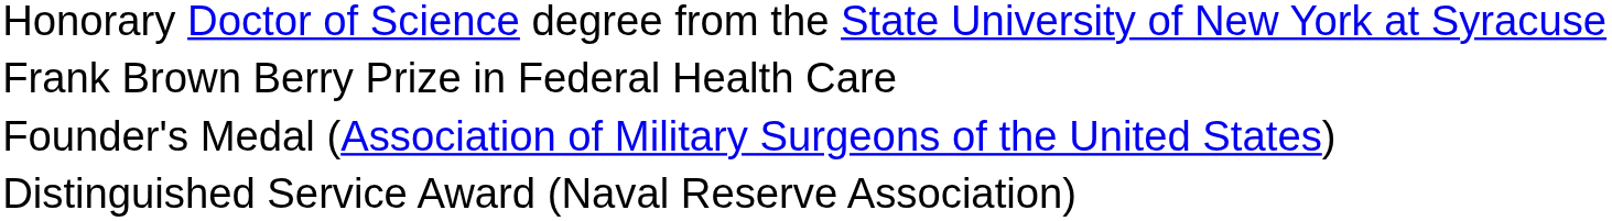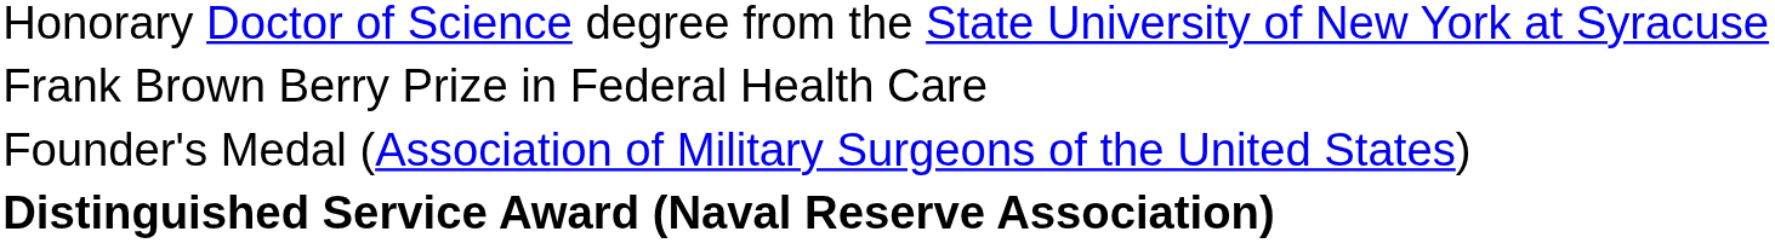 <table>
 <tr>
 <td>Honorary <a href='#'>Doctor of Science</a> degree from the <a href='#'>State University of New York at Syracuse</a></td>
 </tr>
 <tr>
 <td>Frank Brown Berry Prize in Federal Health Care</td>
 </tr>
 <tr>
 <td>Founder's Medal (<a href='#'>Association of Military Surgeons of the United States</a>)</td>
 </tr>
 <tr>
-<td>Distinguished Service Award (Naval Reserve Association)</td>
+<td><strong>Distinguished Service Award (Naval Reserve Association)</strong></td>
 </tr>
 </table>
